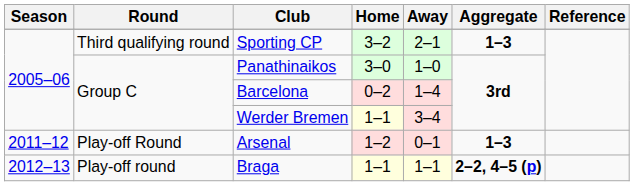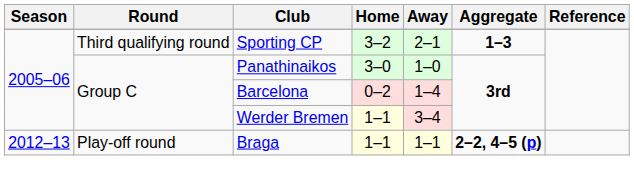 <table class="wikitable">
 <tr>
 <th>Season</th>
 <th>Round</th>
 <th>Club</th>
 <th>Home</th>
 <th>Away</th>
 <th>Aggregate</th>
 <th>Reference</th>
 </tr>
 <tr>
 </tr>
 <tr>
 <td rowspan=4><a href='#'>2005–06</a></td>
 <td>Third qualifying round</td>
 <td> <a href='#'>Sporting CP</a></td>
 <td style="text-align:center; background:#dfd;">3–2</td>
 <td style="text-align:center; background:#dfd;">2–1</td>
 <td style="text-align:center;"><strong>1–3</strong></td>
 <td rowspan="4" style="text-align:center;"></td>
 </tr>
 <tr>
 <td rowspan=3>Group C</td>
 <td> <a href='#'>Panathinaikos</a></td>
 <td style="text-align:center; background:#dfd;">3–0</td>
 <td style="text-align:center; background:#dfd;">1–0</td>
 <td style="text-align:center;" rowspan=3><strong>3rd</strong></td>
 </tr>
 <tr>
 <td> <a href='#'>Barcelona</a></td>
 <td style="text-align:center; background:#fdd;">0–2</td>
 <td style="text-align:center; background:#fdd;">1–4</td>
 </tr>
 <tr>
 <td> <a href='#'>Werder Bremen</a></td>
 <td style="text-align:center; background:#ffd;">1–1</td>
 <td style="text-align:center; background:#fdd;">3–4</td>
 </tr>
 <tr>
-<td><a href='#'>2011–12</a></td>
-<td>Play-off Round</td>
-<td> <a href='#'>Arsenal</a></td>
-<td style="text-align:center; background:#fdd;">1–2</td>
-<td style="text-align:center; background:#fdd;">0–1</td>
-<td style="text-align:center;"><strong>1–3</strong></td>
-<td style="text-align:center;"></td>
-</tr>
-<tr>
 <td><a href='#'>2012–13</a></td>
 <td>Play-off round</td>
 <td> <a href='#'>Braga</a></td>
 <td style="text-align:center; background:#ffd;">1–1</td>
 <td style="text-align:center; background:#ffd;">1–1</td>
 <td style="text-align:center;"><strong>2–2, 4–5 (<a href='#'>p</a>)</strong></td>
 <td style="text-align:center;"></td>
 </tr>
 </table>
